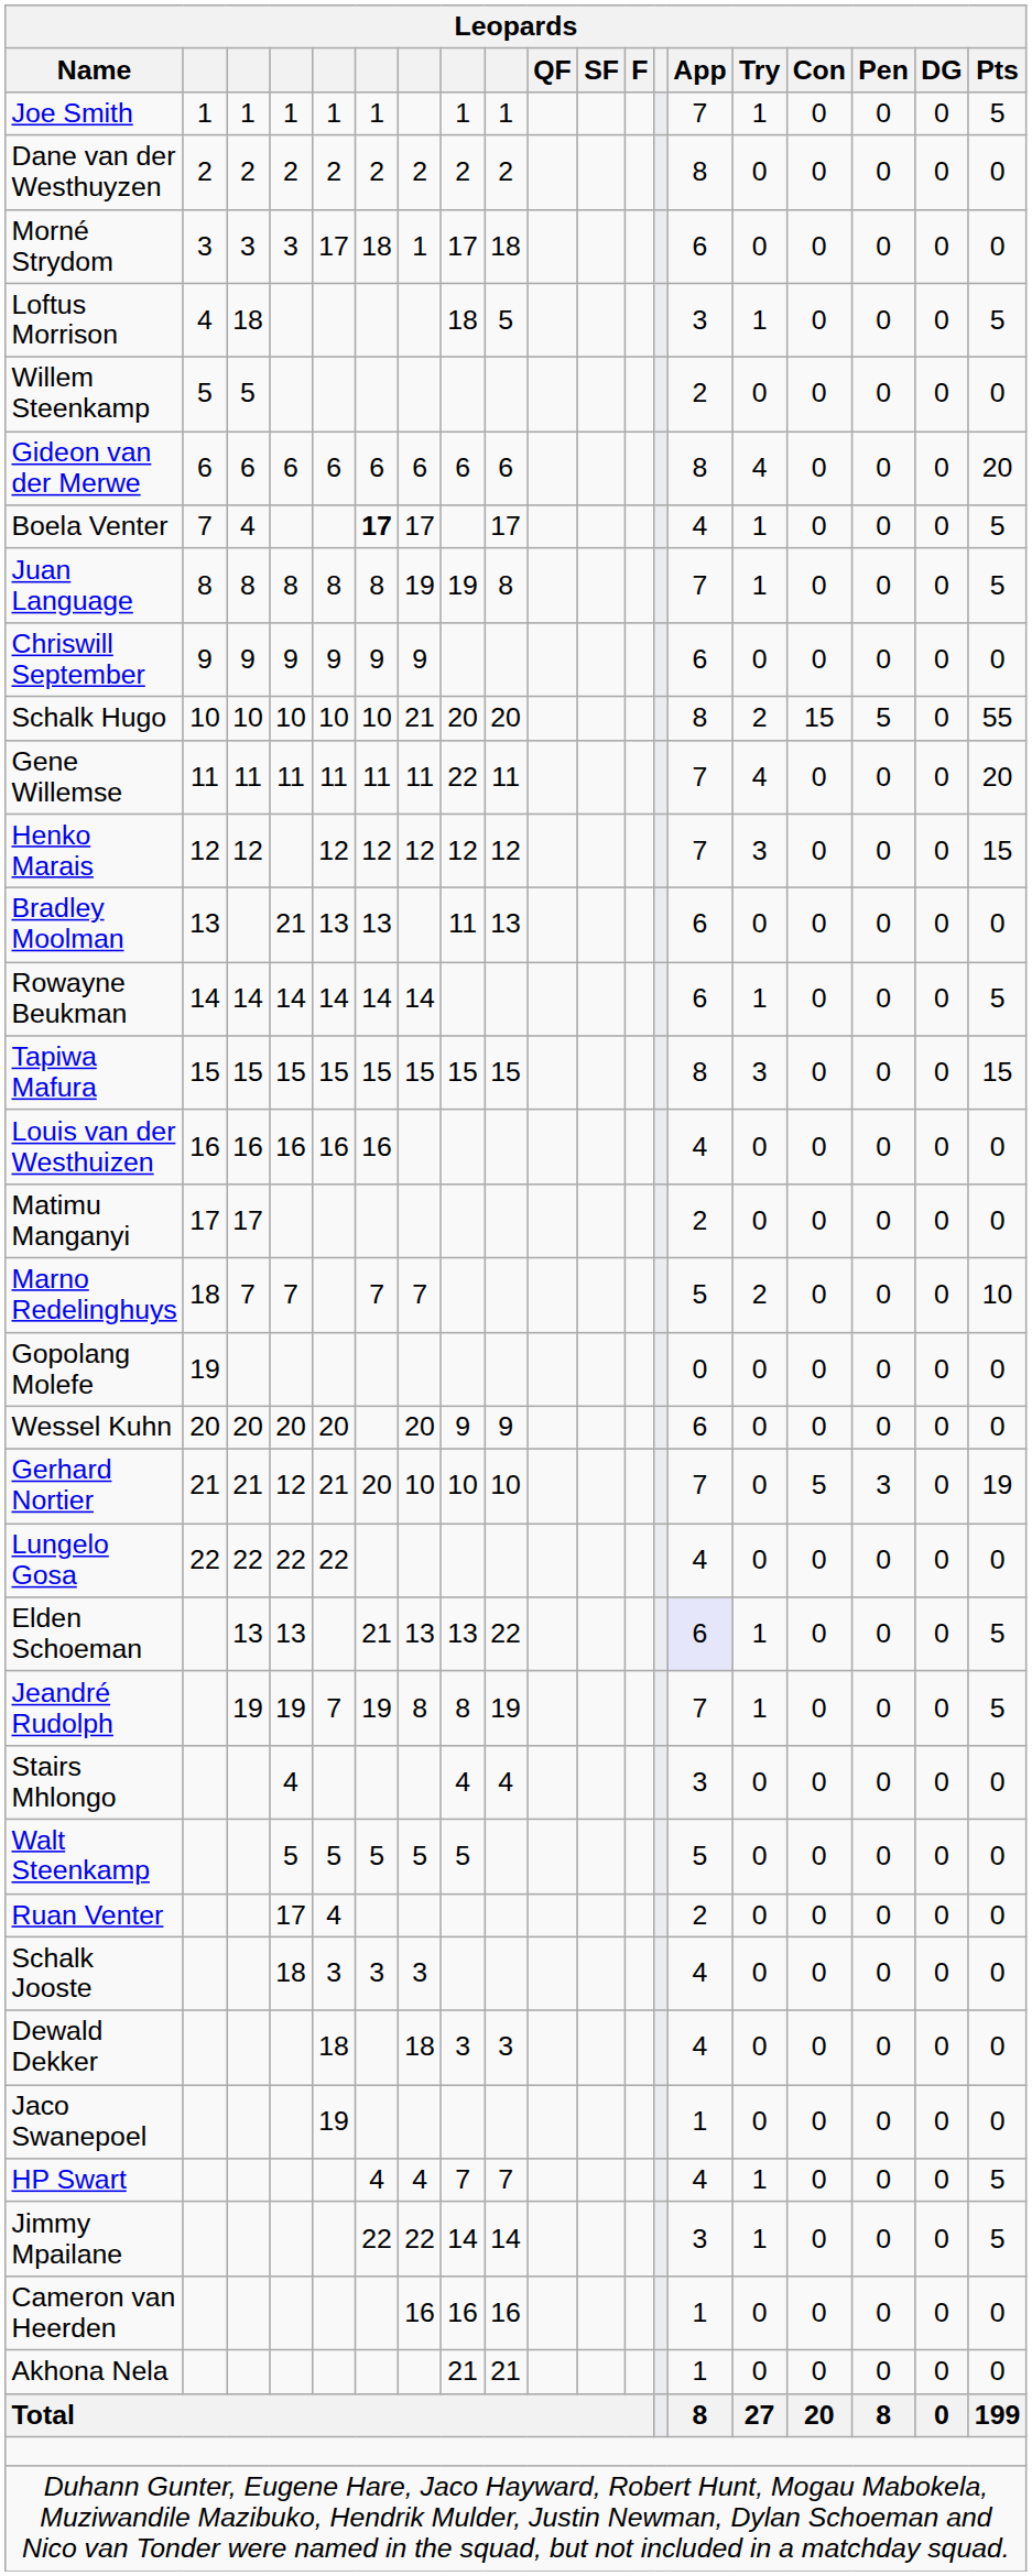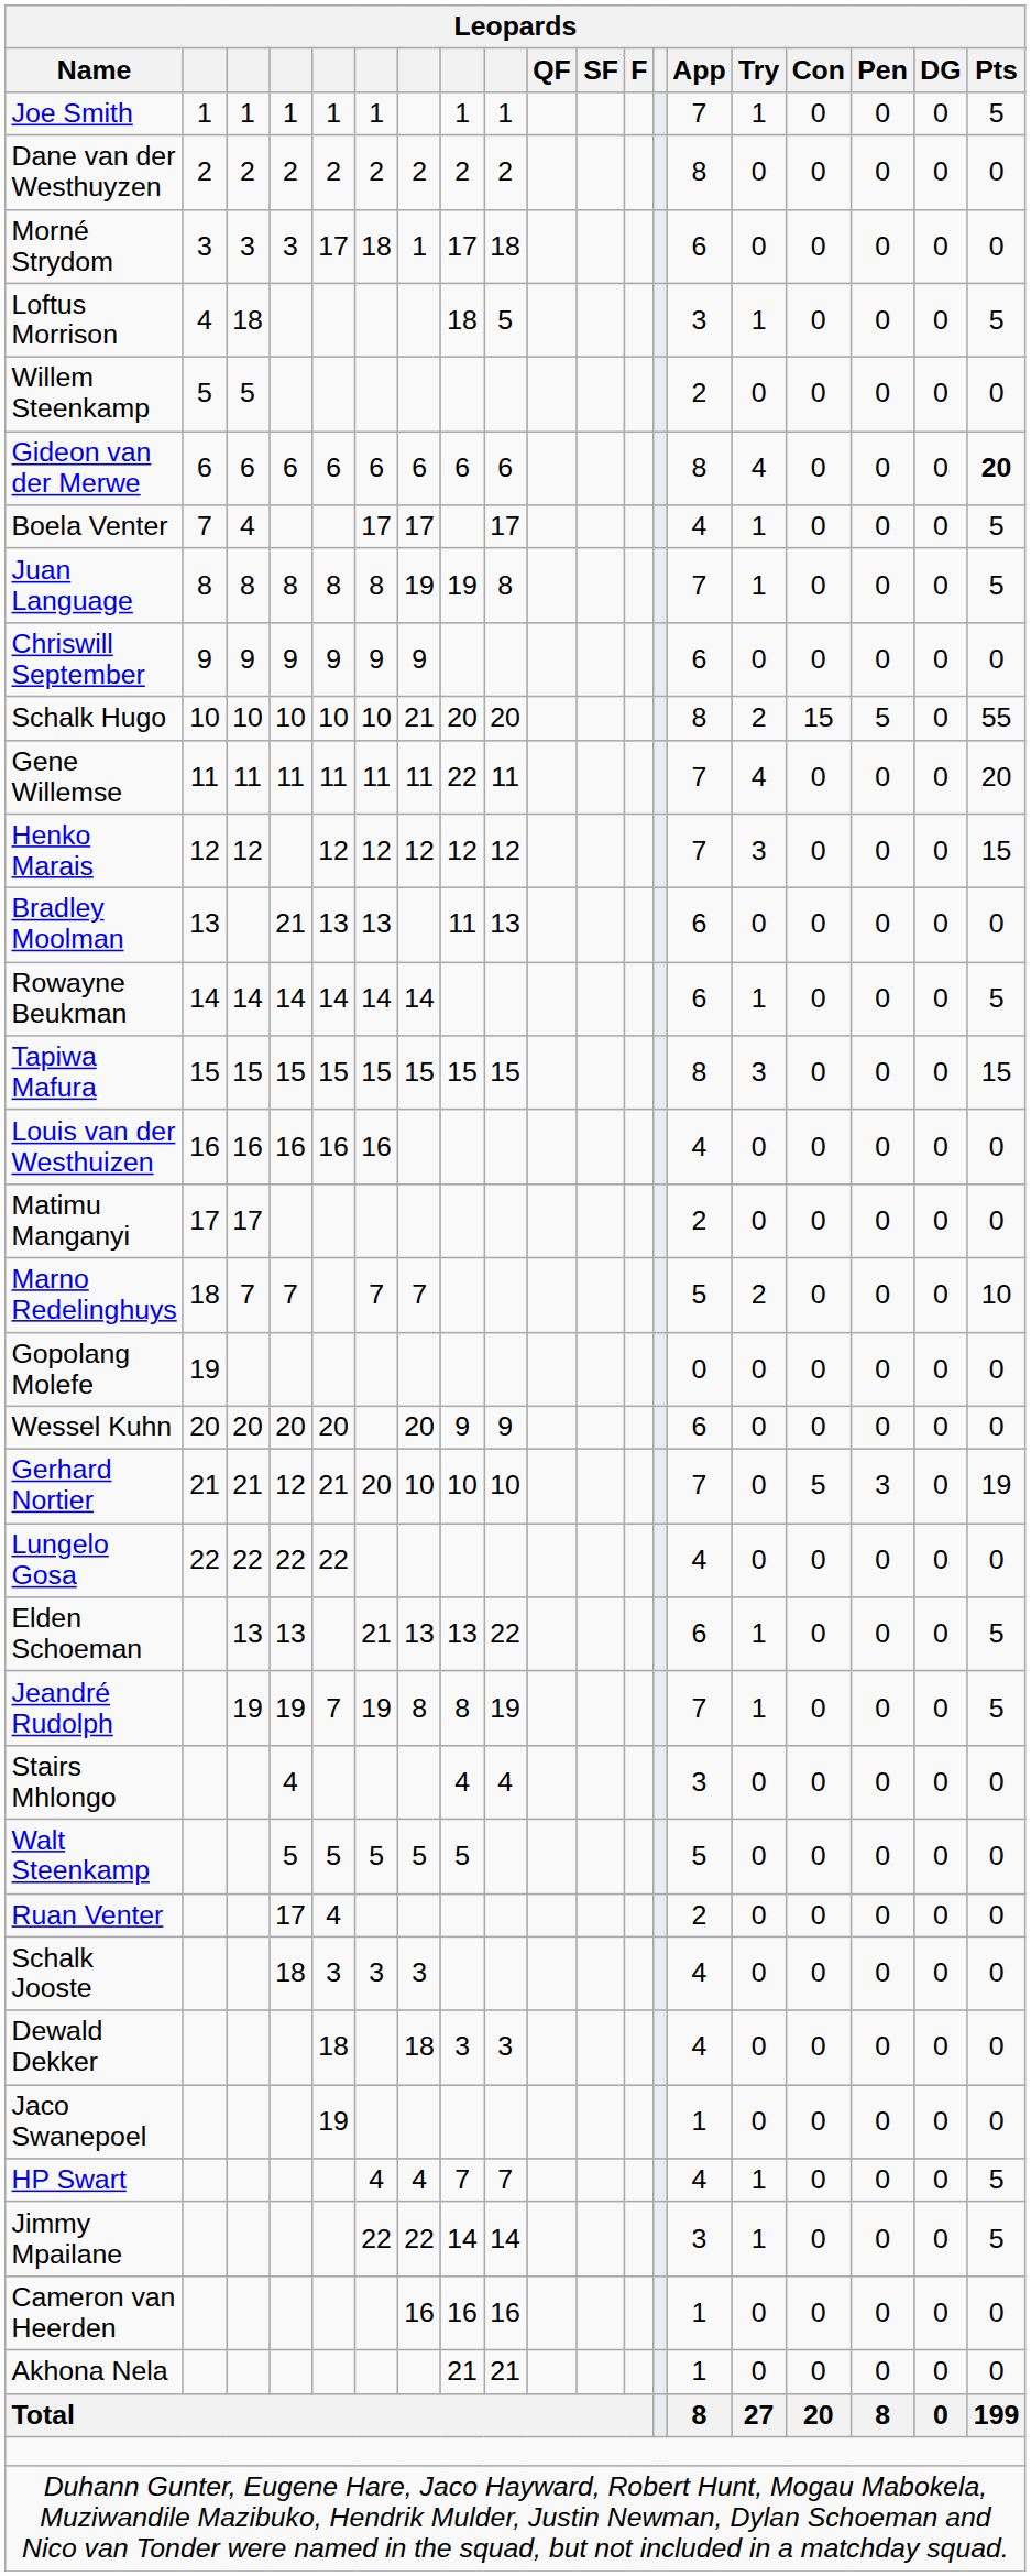 <table class="wikitable collapsible collapsed" style="text-align:center; font-size:100%; width:90%">
 <tr>
 <th colspan="100%">Leopards</th>
 </tr>
 <tr>
 <th style="width:28%;">Name</th>
 <th style="width:4%;"></th>
 <th style="width:4%;"></th>
 <th style="width:4%;"></th>
 <th style="width:4%;"></th>
 <th style="width:4%;"></th>
 <th style="width:4%;"></th>
 <th style="width:4%;"></th>
 <th style="width:4%;"></th>
 <th style="width:4%;">QF</th>
 <th style="width:4%;">SF</th>
 <th style="width:4%;">F</th>
 <th style="width:4%;"></th>
 <th style="width:4%;">App</th>
 <th style="width:4%;">Try</th>
 <th style="width:4%;">Con</th>
 <th style="width:4%;">Pen</th>
 <th style="width:4%;">DG</th>
 <th style="width:4%;">Pts</th>
 </tr>
 <tr>
 <td style="text-align:left;"><a href='#'>Joe Smith</a></td>
 <td>1</td>
 <td>1</td>
 <td>1</td>
 <td>1</td>
 <td>1</td>
 <td></td>
 <td>1</td>
 <td>1</td>
 <td></td>
 <td></td>
 <td></td>
 <td style="background:#EBECF0;"></td>
 <td>7</td>
 <td>1</td>
 <td>0</td>
 <td>0</td>
 <td>0</td>
 <td>5</td>
 </tr>
 <tr>
 <td style="text-align:left;">Dane van der Westhuyzen</td>
 <td>2</td>
 <td>2</td>
 <td>2</td>
 <td>2</td>
 <td>2</td>
 <td>2</td>
 <td>2</td>
 <td>2</td>
 <td></td>
 <td></td>
 <td></td>
 <td style="background:#EBECF0;"></td>
 <td>8</td>
 <td>0</td>
 <td>0</td>
 <td>0</td>
 <td>0</td>
 <td>0</td>
 </tr>
 <tr>
 <td style="text-align:left;">Morné Strydom</td>
 <td>3</td>
 <td>3</td>
 <td>3</td>
 <td>17 </td>
 <td>18</td>
 <td>1</td>
 <td>17</td>
 <td>18 </td>
 <td></td>
 <td></td>
 <td></td>
 <td style="background:#EBECF0;"></td>
 <td>6</td>
 <td>0</td>
 <td>0</td>
 <td>0</td>
 <td>0</td>
 <td>0</td>
 </tr>
 <tr>
 <td style="text-align:left;">Loftus Morrison</td>
 <td>4</td>
 <td>18 </td>
 <td></td>
 <td></td>
 <td></td>
 <td></td>
 <td>18</td>
 <td>5</td>
 <td></td>
 <td></td>
 <td></td>
 <td style="background:#EBECF0;"></td>
 <td>3</td>
 <td>1</td>
 <td>0</td>
 <td>0</td>
 <td>0</td>
 <td>5</td>
 </tr>
 <tr>
 <td style="text-align:left;">Willem Steenkamp</td>
 <td>5</td>
 <td>5</td>
 <td></td>
 <td></td>
 <td></td>
 <td></td>
 <td></td>
 <td></td>
 <td></td>
 <td></td>
 <td></td>
 <td style="background:#EBECF0;"></td>
 <td>2</td>
 <td>0</td>
 <td>0</td>
 <td>0</td>
 <td>0</td>
 <td>0</td>
 </tr>
 <tr>
 <td style="text-align:left;"><a href='#'>Gideon van der Merwe</a></td>
 <td>6</td>
 <td>6</td>
 <td>6</td>
 <td>6</td>
 <td>6</td>
 <td>6</td>
 <td>6</td>
 <td>6</td>
 <td></td>
 <td></td>
 <td></td>
 <td style="background:#EBECF0;"></td>
 <td>8</td>
 <td>4</td>
 <td>0</td>
 <td>0</td>
 <td>0</td>
-<td>20</td>
+<td><strong>20</strong></td>
 </tr>
 <tr>
 <td style="text-align:left;">Boela Venter</td>
 <td>7</td>
 <td>4</td>
 <td></td>
 <td></td>
-<td><strong>17</strong></td>
+<td>17</td>
 <td>17 </td>
 <td></td>
 <td>17 </td>
 <td></td>
 <td></td>
 <td></td>
 <td style="background:#EBECF0;"></td>
 <td>4</td>
 <td>1</td>
 <td>0</td>
 <td>0</td>
 <td>0</td>
 <td>5</td>
 </tr>
 <tr>
 <td style="text-align:left;"><a href='#'>Juan Language</a></td>
 <td>8</td>
 <td>8</td>
 <td>8</td>
 <td>8</td>
 <td>8</td>
 <td>19 </td>
 <td>19</td>
 <td>8</td>
 <td></td>
 <td></td>
 <td></td>
 <td style="background:#EBECF0;"></td>
 <td>7</td>
 <td>1</td>
 <td>0</td>
 <td>0</td>
 <td>0</td>
 <td>5</td>
 </tr>
 <tr>
 <td style="text-align:left;"><a href='#'>Chriswill September</a></td>
 <td>9</td>
 <td>9</td>
 <td>9</td>
 <td>9</td>
 <td>9</td>
 <td>9</td>
 <td></td>
 <td></td>
 <td></td>
 <td></td>
 <td></td>
 <td style="background:#EBECF0;"></td>
 <td>6</td>
 <td>0</td>
 <td>0</td>
 <td>0</td>
 <td>0</td>
 <td>0</td>
 </tr>
 <tr>
 <td style="text-align:left;">Schalk Hugo</td>
 <td>10</td>
 <td>10</td>
 <td>10</td>
 <td>10</td>
 <td>10</td>
 <td>21 </td>
 <td>20 </td>
 <td>20 </td>
 <td></td>
 <td></td>
 <td></td>
 <td style="background:#EBECF0;"></td>
 <td>8</td>
 <td>2</td>
 <td>15</td>
 <td>5</td>
 <td>0</td>
 <td>55</td>
 </tr>
 <tr>
 <td style="text-align:left;">Gene Willemse</td>
 <td>11</td>
 <td>11</td>
 <td>11</td>
 <td>11</td>
 <td>11</td>
 <td>11</td>
 <td>22</td>
 <td>11</td>
 <td></td>
 <td></td>
 <td></td>
 <td style="background:#EBECF0;"></td>
 <td>7</td>
 <td>4</td>
 <td>0</td>
 <td>0</td>
 <td>0</td>
 <td>20</td>
 </tr>
 <tr>
 <td style="text-align:left;"><a href='#'>Henko Marais</a></td>
 <td>12</td>
 <td>12</td>
 <td></td>
 <td>12</td>
 <td>12</td>
 <td>12</td>
 <td>12</td>
 <td>12</td>
 <td></td>
 <td></td>
 <td></td>
 <td style="background:#EBECF0;"></td>
 <td>7</td>
 <td>3</td>
 <td>0</td>
 <td>0</td>
 <td>0</td>
 <td>15</td>
 </tr>
 <tr>
 <td style="text-align:left;"><a href='#'>Bradley Moolman</a></td>
 <td>13</td>
 <td></td>
 <td>21 </td>
 <td>13</td>
 <td>13</td>
 <td></td>
 <td>11</td>
 <td>13</td>
 <td></td>
 <td></td>
 <td></td>
 <td style="background:#EBECF0;"></td>
 <td>6</td>
 <td>0</td>
 <td>0</td>
 <td>0</td>
 <td>0</td>
 <td>0</td>
 </tr>
 <tr>
 <td style="text-align:left;">Rowayne Beukman</td>
 <td>14</td>
 <td>14</td>
 <td>14</td>
 <td>14</td>
 <td>14</td>
 <td>14</td>
 <td></td>
 <td></td>
 <td></td>
 <td></td>
 <td></td>
 <td style="background:#EBECF0;"></td>
 <td>6</td>
 <td>1</td>
 <td>0</td>
 <td>0</td>
 <td>0</td>
 <td>5</td>
 </tr>
 <tr>
 <td style="text-align:left;"><a href='#'>Tapiwa Mafura</a></td>
 <td>15</td>
 <td>15</td>
 <td>15</td>
 <td>15</td>
 <td>15</td>
 <td>15</td>
 <td>15</td>
 <td>15</td>
 <td></td>
 <td></td>
 <td></td>
 <td style="background:#EBECF0;"></td>
 <td>8</td>
 <td>3</td>
 <td>0</td>
 <td>0</td>
 <td>0</td>
 <td>15</td>
 </tr>
 <tr>
 <td style="text-align:left;"><a href='#'>Louis van der Westhuizen</a></td>
 <td>16 </td>
 <td>16 </td>
 <td>16 </td>
 <td>16 </td>
 <td>16</td>
 <td></td>
 <td></td>
 <td></td>
 <td></td>
 <td></td>
 <td></td>
 <td style="background:#EBECF0;"></td>
 <td>4</td>
 <td>0</td>
 <td>0</td>
 <td>0</td>
 <td>0</td>
 <td>0</td>
 </tr>
 <tr>
 <td style="text-align:left;">Matimu Manganyi</td>
 <td>17 </td>
 <td>17 </td>
 <td></td>
 <td></td>
 <td></td>
 <td></td>
 <td></td>
 <td></td>
 <td></td>
 <td></td>
 <td></td>
 <td style="background:#EBECF0;"></td>
 <td>2</td>
 <td>0</td>
 <td>0</td>
 <td>0</td>
 <td>0</td>
 <td>0</td>
 </tr>
 <tr>
 <td style="text-align:left;"><a href='#'>Marno Redelinghuys</a></td>
 <td>18 </td>
 <td>7</td>
 <td>7</td>
 <td></td>
 <td>7</td>
 <td>7</td>
 <td></td>
 <td></td>
 <td></td>
 <td></td>
 <td></td>
 <td style="background:#EBECF0;"></td>
 <td>5</td>
 <td>2</td>
 <td>0</td>
 <td>0</td>
 <td>0</td>
 <td>10</td>
 </tr>
 <tr>
 <td style="text-align:left;">Gopolang Molefe</td>
 <td>19</td>
 <td></td>
 <td></td>
 <td></td>
 <td></td>
 <td></td>
 <td></td>
 <td></td>
 <td></td>
 <td></td>
 <td></td>
 <td style="background:#EBECF0;"></td>
 <td>0</td>
 <td>0</td>
 <td>0</td>
 <td>0</td>
 <td>0</td>
 <td>0</td>
 </tr>
 <tr>
 <td style="text-align:left;">Wessel Kuhn</td>
 <td>20</td>
 <td>20 </td>
 <td>20 </td>
 <td>20 </td>
 <td></td>
 <td>20 </td>
 <td>9</td>
 <td>9</td>
 <td></td>
 <td></td>
 <td></td>
 <td style="background:#EBECF0;"></td>
 <td>6</td>
 <td>0</td>
 <td>0</td>
 <td>0</td>
 <td>0</td>
 <td>0</td>
 </tr>
 <tr>
 <td style="text-align:left;"><a href='#'>Gerhard Nortier</a></td>
 <td>21 </td>
 <td>21 </td>
 <td>12</td>
 <td>21 </td>
 <td>20</td>
 <td>10</td>
 <td>10</td>
 <td>10</td>
 <td></td>
 <td></td>
 <td></td>
 <td style="background:#EBECF0;"></td>
 <td>7</td>
 <td>0</td>
 <td>5</td>
 <td>3</td>
 <td>0</td>
 <td>19</td>
 </tr>
 <tr>
 <td style="text-align:left;"><a href='#'>Lungelo Gosa</a></td>
 <td>22 </td>
 <td>22 </td>
 <td>22 </td>
 <td>22 </td>
 <td></td>
 <td></td>
 <td></td>
 <td></td>
 <td></td>
 <td></td>
 <td></td>
 <td style="background:#EBECF0;"></td>
 <td>4</td>
 <td>0</td>
 <td>0</td>
 <td>0</td>
 <td>0</td>
 <td>0</td>
 </tr>
 <tr>
 <td style="text-align:left;">Elden Schoeman</td>
 <td></td>
 <td>13</td>
 <td>13</td>
 <td></td>
 <td>21 </td>
 <td>13</td>
 <td>13</td>
 <td>22 </td>
 <td></td>
 <td></td>
 <td></td>
 <td style="background:#EBECF0;"></td>
-<td style="background: lavender;">6</td>
+<td>6</td>
 <td>1</td>
 <td>0</td>
 <td>0</td>
 <td>0</td>
 <td>5</td>
 </tr>
 <tr>
 <td style="text-align:left;"><a href='#'>Jeandré Rudolph</a></td>
 <td></td>
 <td>19 </td>
 <td>19 </td>
 <td>7</td>
 <td>19 </td>
 <td>8</td>
 <td>8</td>
 <td>19 </td>
 <td></td>
 <td></td>
 <td></td>
 <td style="background:#EBECF0;"></td>
 <td>7</td>
 <td>1</td>
 <td>0</td>
 <td>0</td>
 <td>0</td>
 <td>5</td>
 </tr>
 <tr>
 <td style="text-align:left;">Stairs Mhlongo</td>
 <td></td>
 <td></td>
 <td>4</td>
 <td></td>
 <td></td>
 <td></td>
 <td>4</td>
 <td>4</td>
 <td></td>
 <td></td>
 <td></td>
 <td style="background:#EBECF0;"></td>
 <td>3</td>
 <td>0</td>
 <td>0</td>
 <td>0</td>
 <td>0</td>
 <td>0</td>
 </tr>
 <tr>
 <td style="text-align:left;"><a href='#'>Walt Steenkamp</a></td>
 <td></td>
 <td></td>
 <td>5</td>
 <td>5</td>
 <td>5</td>
 <td>5</td>
 <td>5</td>
 <td></td>
 <td></td>
 <td></td>
 <td></td>
 <td style="background:#EBECF0;"></td>
 <td>5</td>
 <td>0</td>
 <td>0</td>
 <td>0</td>
 <td>0</td>
 <td>0</td>
 </tr>
 <tr>
 <td style="text-align:left;"><a href='#'>Ruan Venter</a></td>
 <td></td>
 <td></td>
 <td>17 </td>
 <td>4</td>
 <td></td>
 <td></td>
 <td></td>
 <td></td>
 <td></td>
 <td></td>
 <td></td>
 <td style="background:#EBECF0;"></td>
 <td>2</td>
 <td>0</td>
 <td>0</td>
 <td>0</td>
 <td>0</td>
 <td>0</td>
 </tr>
 <tr>
 <td style="text-align:left;">Schalk Jooste</td>
 <td></td>
 <td></td>
 <td>18 </td>
 <td>3</td>
 <td>3</td>
 <td>3</td>
 <td></td>
 <td></td>
 <td></td>
 <td></td>
 <td></td>
 <td style="background:#EBECF0;"></td>
 <td>4</td>
 <td>0</td>
 <td>0</td>
 <td>0</td>
 <td>0</td>
 <td>0</td>
 </tr>
 <tr>
 <td style="text-align:left;">Dewald Dekker</td>
 <td></td>
 <td></td>
 <td></td>
 <td>18 </td>
 <td></td>
 <td>18 </td>
 <td>3</td>
 <td>3</td>
 <td></td>
 <td></td>
 <td></td>
 <td style="background:#EBECF0;"></td>
 <td>4</td>
 <td>0</td>
 <td>0</td>
 <td>0</td>
 <td>0</td>
 <td>0</td>
 </tr>
 <tr>
 <td style="text-align:left;">Jaco Swanepoel</td>
 <td></td>
 <td></td>
 <td></td>
 <td>19 </td>
 <td></td>
 <td></td>
 <td></td>
 <td></td>
 <td></td>
 <td></td>
 <td></td>
 <td style="background:#EBECF0;"></td>
 <td>1</td>
 <td>0</td>
 <td>0</td>
 <td>0</td>
 <td>0</td>
 <td>0</td>
 </tr>
 <tr>
 <td style="text-align:left;"><a href='#'>HP Swart</a></td>
 <td></td>
 <td></td>
 <td></td>
 <td></td>
 <td>4</td>
 <td>4</td>
 <td>7</td>
 <td>7</td>
 <td></td>
 <td></td>
 <td></td>
 <td style="background:#EBECF0;"></td>
 <td>4</td>
 <td>1</td>
 <td>0</td>
 <td>0</td>
 <td>0</td>
 <td>5</td>
 </tr>
 <tr>
 <td style="text-align:left;">Jimmy Mpailane</td>
 <td></td>
 <td></td>
 <td></td>
 <td></td>
 <td>22</td>
 <td>22 </td>
 <td>14</td>
 <td>14</td>
 <td></td>
 <td></td>
 <td></td>
 <td style="background:#EBECF0;"></td>
 <td>3</td>
 <td>1</td>
 <td>0</td>
 <td>0</td>
 <td>0</td>
 <td>5</td>
 </tr>
 <tr>
 <td style="text-align:left;">Cameron van Heerden</td>
 <td></td>
 <td></td>
 <td></td>
 <td></td>
 <td></td>
 <td>16</td>
 <td>16</td>
 <td>16 </td>
 <td></td>
 <td></td>
 <td></td>
 <td style="background:#EBECF0;"></td>
 <td>1</td>
 <td>0</td>
 <td>0</td>
 <td>0</td>
 <td>0</td>
 <td>0</td>
 </tr>
 <tr>
 <td style="text-align:left;">Akhona Nela</td>
 <td></td>
 <td></td>
 <td></td>
 <td></td>
 <td></td>
 <td></td>
 <td>21</td>
 <td>21 </td>
 <td></td>
 <td></td>
 <td></td>
 <td style="background:#EBECF0;"></td>
 <td>1</td>
 <td>0</td>
 <td>0</td>
 <td>0</td>
 <td>0</td>
 <td>0</td>
 </tr>
 <tr>
 <th colspan="12" style="text-align:left;">Total</th>
 <th style="background:#EBECF0;"></th>
 <th>8</th>
 <th>27</th>
 <th>20</th>
 <th>8</th>
 <th>0</th>
 <th>199</th>
 </tr>
 <tr class="sortbottom">
 <td colspan="100%" style="height: 10px;"></td>
 </tr>
 <tr class="sortbottom">
 <td colspan="100%" style="text-align:center;"><em>Duhann Gunter, Eugene Hare, Jaco Hayward, Robert Hunt, Mogau Mabokela, Muziwandile Mazibuko, Hendrik Mulder, Justin Newman, Dylan Schoeman and Nico van Tonder were named in the squad, but not included in a matchday squad.</em></td>
 </tr>
 </table>
